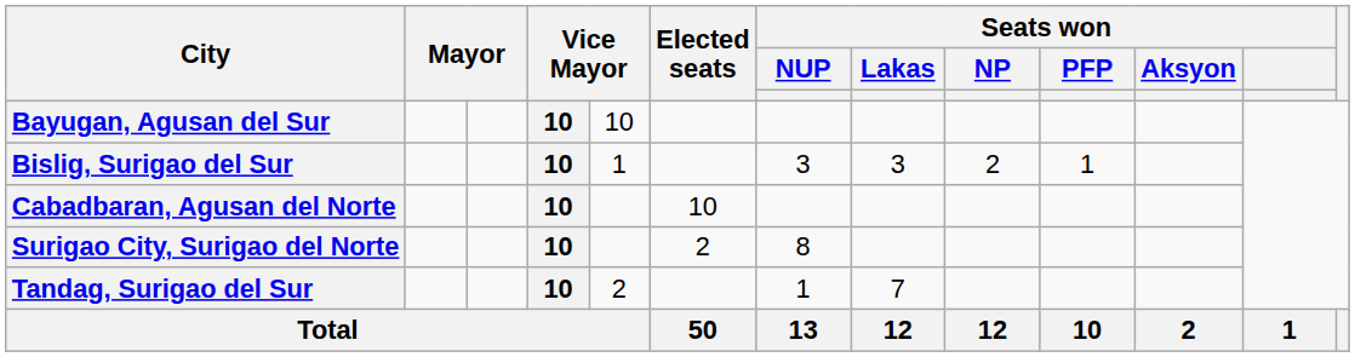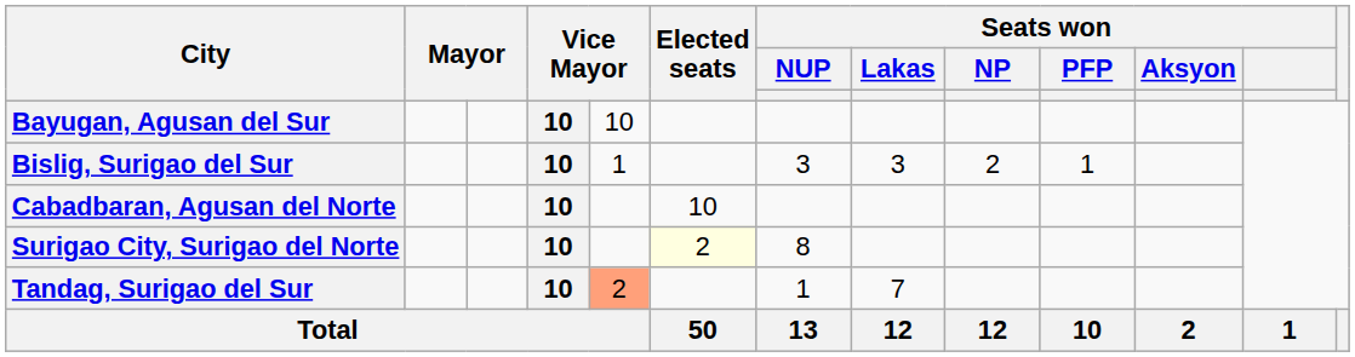 <table class="wikitable" style="text-align:center; font-size: 0.9em;">
 <tr>
 <th rowspan="3">City</th>
 <th colspan="2" rowspan="3" style="width:60px;">Mayor</th>
 <th colspan="2" rowspan="3" style="width:60px;">Vice Mayor</th>
 <th rowspan="3">Elected<br>seats</th>
 <th colspan="6">Seats won</th>
 <th rowspan="3"></th>
 </tr>
 <tr>
 <th class="unsortable" style="width:45px;"><a href='#'>NUP</a></th>
 <th class="unsortable" style="width:45px;"><a href='#'>Lakas</a></th>
 <th class="unsortable" style="width:45px;"><a href='#'>NP</a></th>
 <th class="unsortable" style="width:45px;"><a href='#'>PFP</a></th>
 <th class="unsortable" style="width:45px;"><a href='#'>Aksyon</a></th>
 <th class="unsortable" style="width:45px;"></th>
 </tr>
 <tr>
 <th style="color:inherit;background:"></th>
 <th style="color:inherit;background:"></th>
 <th style="color:inherit;background:"></th>
 <th style="color:inherit;background:"></th>
 <th style="color:inherit;background:"></th>
 <th style="color:inherit;background:"></th>
 </tr>
 <tr>
 <th style="text-align: left;"><a href='#'>Bayugan, Agusan del Sur</a></th>
 <td></td>
 <td></td>
 <th>10</th>
 <td>10</td>
 <td></td>
 <td></td>
 <td></td>
 <td></td>
 <td></td>
 <td></td>
 </tr>
 <tr>
 <th style="text-align: left;"><a href='#'>Bislig, Surigao del Sur</a></th>
 <td></td>
 <td></td>
 <th>10</th>
 <td>1</td>
 <td></td>
 <td>3</td>
 <td>3</td>
 <td>2</td>
 <td>1</td>
 <td></td>
 </tr>
 <tr>
 <th style="text-align: left;"><a href='#'>Cabadbaran, Agusan del Norte</a></th>
 <td></td>
 <td></td>
 <th>10</th>
 <td></td>
 <td>10</td>
 <td></td>
 <td></td>
 <td></td>
 <td></td>
 <td></td>
 </tr>
 <tr>
 <th style="text-align: left;"><a href='#'>Surigao City, Surigao del Norte</a></th>
 <td></td>
 <td></td>
 <th>10</th>
 <td></td>
-<td>2</td>
+<td style="background: lightyellow;">2</td>
 <td>8</td>
 <td></td>
 <td></td>
 <td></td>
 <td></td>
 </tr>
 <tr>
 <th style="text-align: left;"><a href='#'>Tandag, Surigao del Sur</a></th>
 <td></td>
 <td></td>
 <th>10</th>
-<td>2</td>
+<td style="background: lightsalmon;">2</td>
 <td></td>
 <td>1</td>
 <td>7</td>
 <td></td>
 <td></td>
 <td></td>
 </tr>
 <tr>
 <th colspan="5">Total</th>
 <th>50</th>
 <th>13</th>
 <th>12</th>
 <th>12</th>
 <th>10</th>
 <th>2</th>
 <th>1</th>
 <th></th>
 </tr>
 </table>
